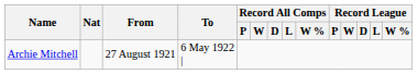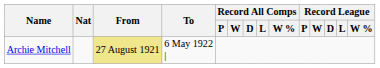 <table class="wikitable" style="text-align: center">
 <tr>
 <th rowspan="2">Name</th>
 <th rowspan="2">Nat</th>
 <th rowspan="2">From</th>
 <th rowspan="2">To</th>
 <th colspan="5">Record All Comps</th>
 <th colspan="5">Record League</th>
 </tr>
 <tr>
 <th>P</th>
 <th>W</th>
 <th>D</th>
 <th>L</th>
 <th>W %</th>
 <th>P</th>
 <th>W</th>
 <th>D</th>
 <th>L</th>
 <th>W %</th>
 </tr>
 <tr>
 <td align=left><a href='#'>Archie Mitchell</a></td>
 <td></td>
-<td align=left>27 August 1921</td>
+<td align=left style="background: khaki;">27 August 1921</td>
 <td align=left>6 May 1922<br>|</td>
 </tr>
 </table>
